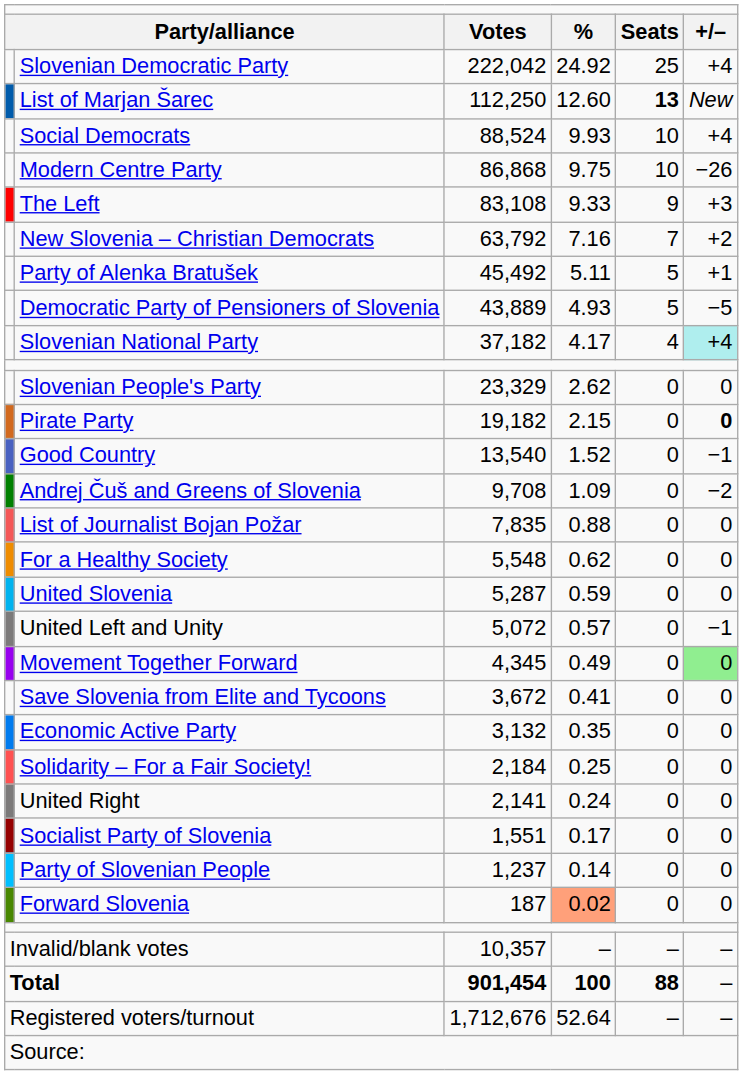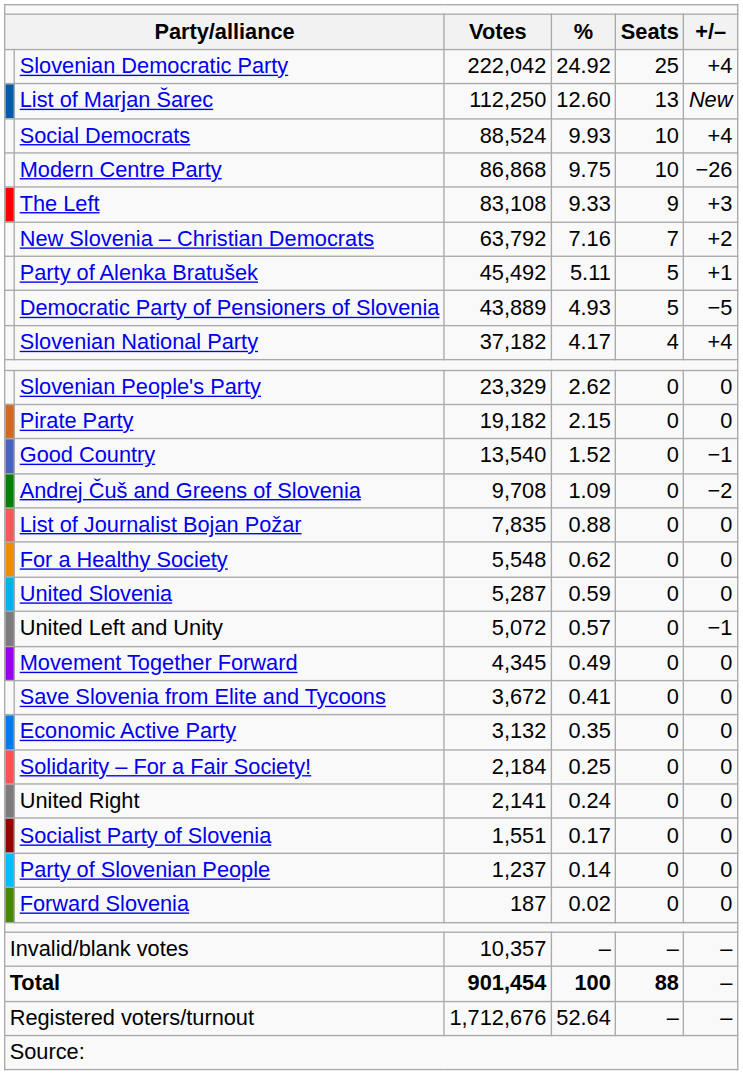 <table class="wikitable" style="text-align:right">
 <tr>
 <td colspan="6" style="text-align:center;"></td>
 </tr>
 <tr>
 <th colspan="2">Party/alliance</th>
 <th>Votes</th>
 <th>%</th>
 <th>Seats</th>
 <th>+/–</th>
 </tr>
 <tr>
 <td style="background:"></td>
 <td style="text-align:left;"><a href='#'>Slovenian Democratic Party</a></td>
 <td>222,042</td>
 <td>24.92</td>
 <td>25</td>
 <td>+4</td>
 </tr>
 <tr>
 <td style="background:#005bab"></td>
 <td style="text-align:left;"><a href='#'>List of Marjan Šarec</a></td>
 <td>112,250</td>
 <td>12.60</td>
-<td><strong>13</strong></td>
+<td>13</td>
 <td><em>New</em></td>
 </tr>
 <tr>
 <td style="background:"></td>
 <td style="text-align:left;"><a href='#'>Social Democrats</a></td>
 <td>88,524</td>
 <td>9.93</td>
 <td>10</td>
 <td>+4</td>
 </tr>
 <tr>
 <td style="background:"></td>
 <td style="text-align:left;"><a href='#'>Modern Centre Party</a></td>
 <td>86,868</td>
 <td>9.75</td>
 <td>10</td>
 <td>−26</td>
 </tr>
 <tr>
 <td style="background:red;"></td>
 <td style="text-align:left;"><a href='#'>The Left</a></td>
 <td>83,108</td>
 <td>9.33</td>
 <td>9</td>
 <td>+3</td>
 </tr>
 <tr>
 <td style="background:"></td>
 <td style="text-align:left;"><a href='#'>New Slovenia – Christian Democrats</a></td>
 <td>63,792</td>
 <td>7.16</td>
 <td>7</td>
 <td>+2</td>
 </tr>
 <tr>
 <td style="background:"></td>
 <td style="text-align:left;"><a href='#'>Party of Alenka Bratušek</a></td>
 <td>45,492</td>
 <td>5.11</td>
 <td>5</td>
 <td>+1</td>
 </tr>
 <tr>
 <td style="background:"></td>
 <td style="text-align:left;"><a href='#'>Democratic Party of Pensioners of Slovenia</a></td>
 <td>43,889</td>
 <td>4.93</td>
 <td>5</td>
 <td>−5</td>
 </tr>
 <tr>
 <td style="background:"></td>
 <td style="text-align:left;"><a href='#'>Slovenian National Party</a></td>
 <td>37,182</td>
 <td>4.17</td>
 <td>4</td>
-<td style="background: paleturquoise;">+4</td>
+<td>+4</td>
 </tr>
 <tr>
 <td colspan="6"></td>
 </tr>
 <tr>
 <td style="background:"></td>
 <td style="text-align:left;"><a href='#'>Slovenian People's Party</a></td>
 <td>23,329</td>
 <td>2.62</td>
 <td>0</td>
 <td>0</td>
 </tr>
 <tr>
 <td style="background:#D2691E"></td>
 <td style="text-align:left;"><a href='#'>Pirate Party</a></td>
 <td>19,182</td>
 <td>2.15</td>
 <td>0</td>
-<td><strong>0</strong></td>
+<td>0</td>
 </tr>
 <tr>
 <td style="background:#4961c1"></td>
 <td style="text-align:left;"><a href='#'>Good Country</a></td>
 <td>13,540</td>
 <td>1.52</td>
 <td>0</td>
 <td>−1</td>
 </tr>
 <tr>
 <td style="background:green"></td>
 <td style="text-align:left;"><a href='#'>Andrej Čuš and Greens of Slovenia</a></td>
 <td>9,708</td>
 <td>1.09</td>
 <td>0</td>
 <td>−2</td>
 </tr>
 <tr>
 <td style="background:#f45858"></td>
 <td style="text-align:left;"><a href='#'>List of Journalist Bojan Požar</a></td>
 <td>7,835</td>
 <td>0.88</td>
 <td>0</td>
 <td>0</td>
 </tr>
 <tr>
 <td style="background:#ef8c00"></td>
 <td style="text-align:left;"><a href='#'>For a Healthy Society</a></td>
 <td>5,548</td>
 <td>0.62</td>
 <td>0</td>
 <td>0</td>
 </tr>
 <tr>
 <td style="background:#00b3ef"></td>
 <td style="text-align:left;"><a href='#'>United Slovenia</a></td>
 <td>5,287</td>
 <td>0.59</td>
 <td>0</td>
 <td>0</td>
 </tr>
 <tr>
 <td style="background:#7c7a7a"></td>
 <td style="text-align:left;">United Left and Unity</td>
 <td>5,072</td>
 <td>0.57</td>
 <td>0</td>
 <td>−1</td>
 </tr>
 <tr>
 <td style="background:#9800ef"></td>
 <td style="text-align:left;"><a href='#'>Movement Together Forward</a></td>
 <td>4,345</td>
 <td>0.49</td>
 <td>0</td>
-<td style="background: lightgreen;">0</td>
+<td>0</td>
 </tr>
 <tr>
 <td></td>
 <td style="text-align:left;"><a href='#'>Save Slovenia from Elite and Tycoons</a></td>
 <td>3,672</td>
 <td>0.41</td>
 <td>0</td>
 <td>0</td>
 </tr>
 <tr>
 <td style="background:#007bef"></td>
 <td style="text-align:left;"><a href='#'>Economic Active Party</a></td>
 <td>3,132</td>
 <td>0.35</td>
 <td>0</td>
 <td>0</td>
 </tr>
 <tr>
 <td style="background:#ff5151"></td>
 <td style="text-align:left;"><a href='#'>Solidarity – For a Fair Society!</a></td>
 <td>2,184</td>
 <td>0.25</td>
 <td>0</td>
 <td>0</td>
 </tr>
 <tr>
 <td style="background:#7c7a7a"></td>
 <td style="text-align:left;">United Right</td>
 <td>2,141</td>
 <td>0.24</td>
 <td>0</td>
 <td>0</td>
 </tr>
 <tr>
 <td style="background:#950000"></td>
 <td style="text-align:left;"><a href='#'>Socialist Party of Slovenia</a></td>
 <td>1,551</td>
 <td>0.17</td>
 <td>0</td>
 <td>0</td>
 </tr>
 <tr>
 <td style="background:#00BFFF"></td>
 <td style="text-align:left;"><a href='#'>Party of Slovenian People</a></td>
 <td>1,237</td>
 <td>0.14</td>
 <td>0</td>
 <td>0</td>
 </tr>
 <tr>
 <td style="background:#488700"></td>
 <td style="text-align:left;"><a href='#'>Forward Slovenia</a></td>
 <td>187</td>
-<td style="background: lightsalmon;">0.02</td>
+<td>0.02</td>
 <td>0</td>
 <td>0</td>
 </tr>
 <tr>
 <td colspan="6"></td>
 </tr>
 <tr>
 <td colspan="2" style="text-align:left;">Invalid/blank votes</td>
 <td>10,357</td>
 <td>–</td>
 <td>–</td>
 <td>–</td>
 </tr>
 <tr>
 <td colspan="2" style="text-align:left;"><strong>Total</strong></td>
 <td><strong>901,454</strong></td>
 <td><strong>100</strong></td>
 <td><strong>88</strong></td>
 <td>–</td>
 </tr>
 <tr>
 <td colspan="2" style="text-align:left;">Registered voters/turnout</td>
 <td>1,712,676</td>
 <td>52.64</td>
 <td>–</td>
 <td>–</td>
 </tr>
 <tr>
 <td colspan="6" style="text-align:left;">Source: </td>
 </tr>
 </table>
